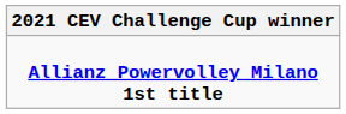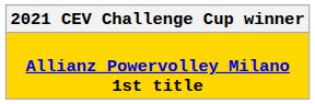 <table class="wikitable" style="text-align:center; margin:auto">
 <tr>
 <th>2021 CEV Challenge Cup winner</th>
 </tr>
 <tr>
-<td><br><strong> <a href='#'>Allianz Powervolley Milano</a></strong><br> <strong>1st title</strong></td>
+<td style="background: gold;"><br><strong> <a href='#'>Allianz Powervolley Milano</a></strong><br> <strong>1st title</strong></td>
 </tr>
 </table>
